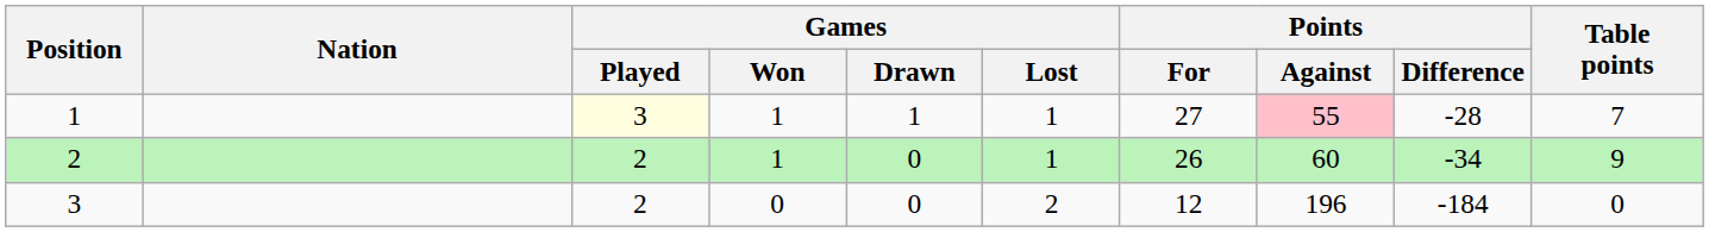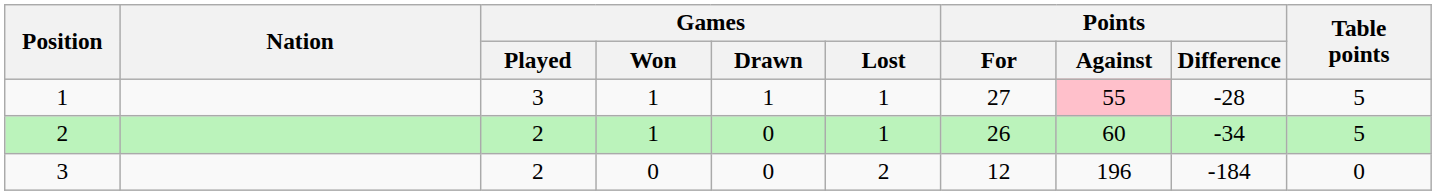 <table class="wikitable" style="text-align: center;">
 <tr>
 <th rowspan=2 width="8%">Position</th>
 <th rowspan=2 width="25%">Nation</th>
 <th colspan=4 width="32%">Games</th>
 <th colspan=3 width="24%">Points</th>
 <th rowspan=2 width="10%">Table<br>points</th>
 </tr>
 <tr>
 <th width="8%">Played</th>
 <th width="8%">Won</th>
 <th width="8%">Drawn</th>
 <th width="8%">Lost</th>
 <th width="8%">For</th>
 <th width="8%">Against</th>
 <th width="8%">Difference</th>
 </tr>
 <tr>
 <td>1</td>
 <td align=left></td>
-<td style="background: lightyellow;">3</td>
+<td>3</td>
 <td>1</td>
 <td>1</td>
 <td>1</td>
 <td>27</td>
 <td style="background: pink;">55</td>
 <td>-28</td>
-<td>7</td>
+<td>5</td>
 </tr>
 <tr style=background:#bbf3bb>
 <td>2</td>
 <td align=left></td>
 <td>2</td>
 <td>1</td>
 <td>0</td>
 <td>1</td>
 <td>26</td>
 <td>60</td>
 <td>-34</td>
-<td>9</td>
+<td>5</td>
 </tr>
 <tr>
 <td>3</td>
 <td align=left></td>
 <td>2</td>
 <td>0</td>
 <td>0</td>
 <td>2</td>
 <td>12</td>
 <td>196</td>
 <td>-184</td>
 <td>0</td>
 </tr>
 </table>
